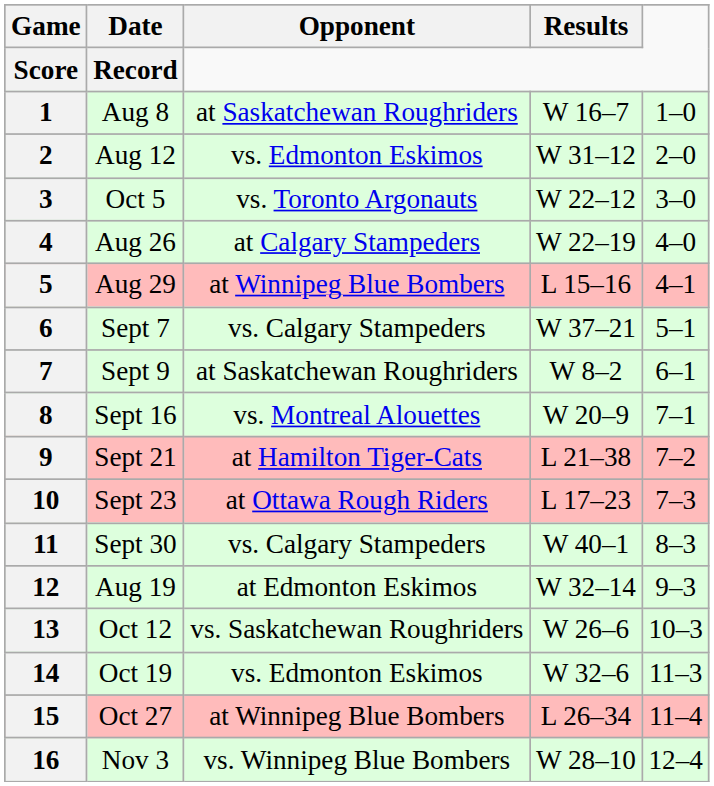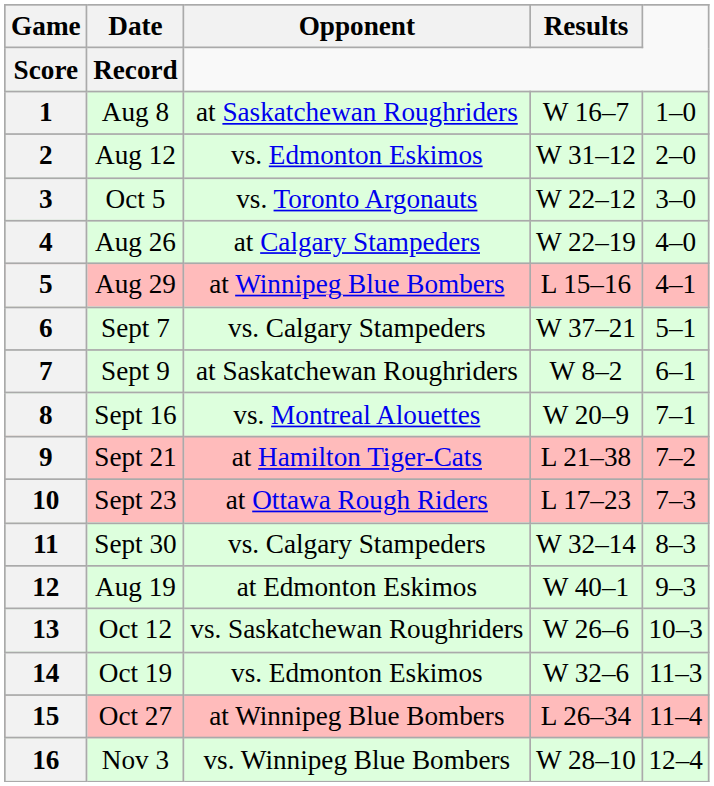 <table class="wikitable" style="text-align:center">
 <tr>
 <th>Game</th>
 <th>Date</th>
 <th>Opponent</th>
 <th>Results</th>
 </tr>
 <tr>
 <th>Score</th>
 <th>Record</th>
 </tr>
 <tr style="background:#ddffdd">
 <th>1</th>
 <td>Aug 8</td>
 <td>at <a href='#'>Saskatchewan Roughriders</a></td>
 <td>W 16–7</td>
 <td>1–0</td>
 </tr>
 <tr style="background:#ddffdd">
 <th>2</th>
 <td>Aug 12</td>
 <td>vs. <a href='#'>Edmonton Eskimos</a></td>
 <td>W 31–12</td>
 <td>2–0</td>
 </tr>
 <tr style="background:#ddffdd">
 <th>3</th>
 <td>Oct 5</td>
 <td>vs. <a href='#'>Toronto Argonauts</a></td>
 <td>W 22–12</td>
 <td>3–0</td>
 </tr>
 <tr style="background:#ddffdd">
 <th>4</th>
 <td>Aug 26</td>
 <td>at <a href='#'>Calgary Stampeders</a></td>
 <td>W 22–19</td>
 <td>4–0</td>
 </tr>
 <tr style="background:#ffbbbb">
 <th>5</th>
 <td>Aug 29</td>
 <td>at <a href='#'>Winnipeg Blue Bombers</a></td>
 <td>L 15–16</td>
 <td>4–1</td>
 </tr>
 <tr style="background:#ddffdd">
 <th>6</th>
 <td>Sept 7</td>
 <td>vs. Calgary Stampeders</td>
 <td>W 37–21</td>
 <td>5–1</td>
 </tr>
 <tr style="background:#ddffdd">
 <th>7</th>
 <td>Sept 9</td>
 <td>at Saskatchewan Roughriders</td>
 <td>W 8–2</td>
 <td>6–1</td>
 </tr>
 <tr style="background:#ddffdd">
 <th>8</th>
 <td>Sept 16</td>
 <td>vs. <a href='#'>Montreal Alouettes</a></td>
 <td>W 20–9</td>
 <td>7–1</td>
 </tr>
 <tr style="background:#ffbbbb">
 <th>9</th>
 <td>Sept 21</td>
 <td>at <a href='#'>Hamilton Tiger-Cats</a></td>
 <td>L 21–38</td>
 <td>7–2</td>
 </tr>
 <tr style="background:#ffbbbb">
 <th>10</th>
 <td>Sept 23</td>
 <td>at <a href='#'>Ottawa Rough Riders</a></td>
 <td>L 17–23</td>
 <td>7–3</td>
 </tr>
 <tr style="background:#ddffdd">
 <th>11</th>
 <td>Sept 30</td>
 <td>vs. Calgary Stampeders</td>
-<td>W 40–1</td>
+<td>W 32–14</td>
 <td>8–3</td>
 </tr>
 <tr style="background:#ddffdd">
 <th>12</th>
 <td>Aug 19</td>
 <td>at Edmonton Eskimos</td>
-<td>W 32–14</td>
+<td>W 40–1</td>
 <td>9–3</td>
 </tr>
 <tr style="background:#ddffdd">
 <th>13</th>
 <td>Oct 12</td>
 <td>vs. Saskatchewan Roughriders</td>
 <td>W 26–6</td>
 <td>10–3</td>
 </tr>
 <tr style="background:#ddffdd">
 <th>14</th>
 <td>Oct 19</td>
 <td>vs. Edmonton Eskimos</td>
 <td>W 32–6</td>
 <td>11–3</td>
 </tr>
 <tr style="background:#ffbbbb">
 <th>15</th>
 <td>Oct 27</td>
 <td>at Winnipeg Blue Bombers</td>
 <td>L 26–34</td>
 <td>11–4</td>
 </tr>
 <tr style="background:#ddffdd">
 <th>16</th>
 <td>Nov 3</td>
 <td>vs. Winnipeg Blue Bombers</td>
 <td>W 28–10</td>
 <td>12–4</td>
 </tr>
 </table>
